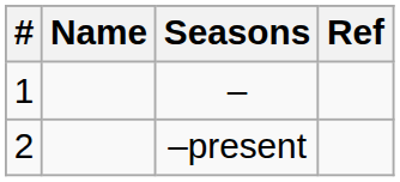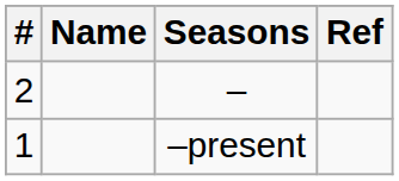 <table class="wikitable" style="text-align:center">
 <tr>
 <th class="unsortable">#</th>
 <th>Name</th>
 <th>Seasons</th>
 <th class="unsortable">Ref</th>
 </tr>
 <tr>
-<td>1</td>
+<td>2</td>
 <td></td>
 <td>–</td>
 <td></td>
 </tr>
 <tr>
-<td>2</td>
+<td>1</td>
 <td></td>
 <td>–present</td>
 <td></td>
 </tr>
 </table>
